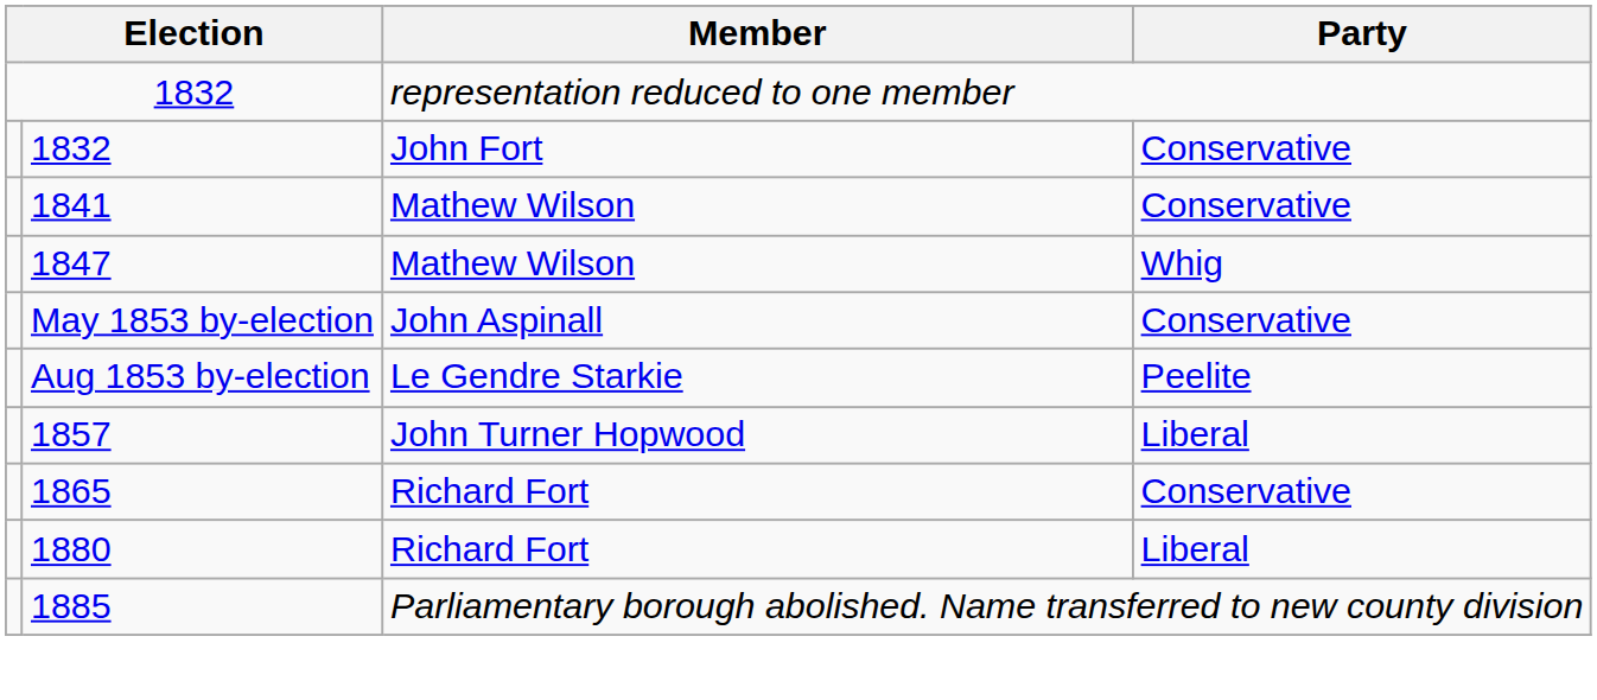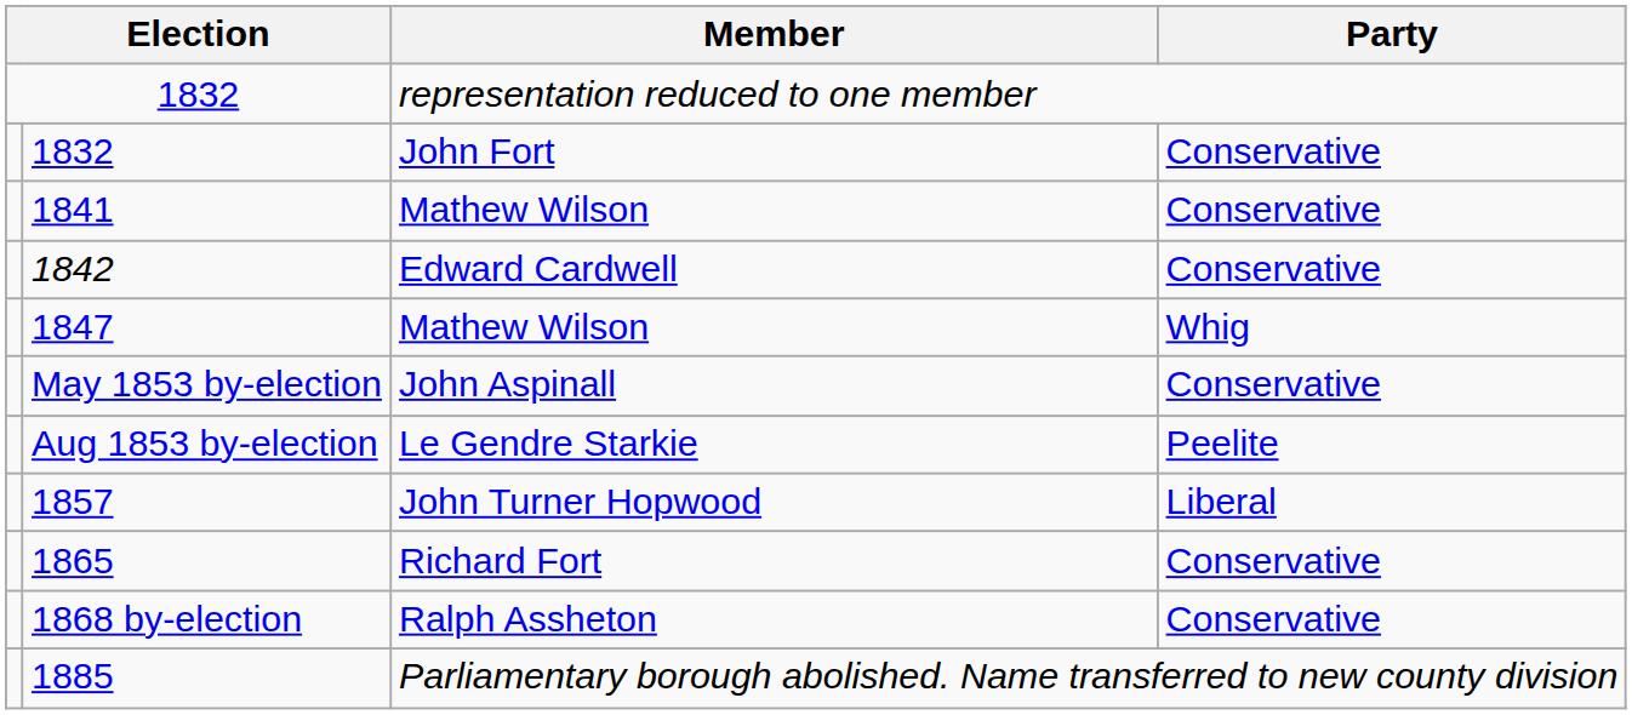 <table class="wikitable">
 <tr>
 <th colspan="2">Election</th>
 <th>Member</th>
 <th>Party</th>
 </tr>
 <tr>
 <td colspan="2" align="center"><a href='#'>1832</a></td>
 <td colspan="2"><em>representation reduced to one member</em></td>
 </tr>
 <tr>
 <td style="color:inherit;background-color: "></td>
 <td><a href='#'>1832</a></td>
 <td><a href='#'>John Fort</a></td>
 <td><a href='#'>Conservative</a></td>
 </tr>
 <tr>
 <td style="color:inherit;background-color: "></td>
 <td><a href='#'>1841</a></td>
 <td><a href='#'>Mathew Wilson</a></td>
+<td><a href='#'>Conservative</a></td>
+</tr>
+<tr>
+<td style="color:inherit;background-color: "></td>
+<td><em>1842</em> </td>
+<td><a href='#'>Edward Cardwell</a></td>
 <td><a href='#'>Conservative</a></td>
 </tr>
 <tr>
 <td style="color:inherit;background-color: "></td>
 <td><a href='#'>1847</a></td>
 <td><a href='#'>Mathew Wilson</a></td>
 <td><a href='#'>Whig</a></td>
 </tr>
 <tr>
 <td style="color:inherit;background-color: "></td>
 <td><a href='#'>May 1853 by-election</a></td>
 <td><a href='#'>John Aspinall</a></td>
 <td><a href='#'>Conservative</a></td>
 </tr>
 <tr>
 <td style="color:inherit;background-color: "></td>
 <td><a href='#'>Aug 1853 by-election</a></td>
 <td><a href='#'>Le Gendre Starkie</a></td>
 <td><a href='#'>Peelite</a></td>
 </tr>
 <tr>
 <td style="color:inherit;background-color: "></td>
 <td><a href='#'>1857</a></td>
 <td><a href='#'>John Turner Hopwood</a></td>
 <td><a href='#'>Liberal</a></td>
 </tr>
 <tr>
 <td style="color:inherit;background-color: "></td>
 <td><a href='#'>1865</a></td>
 <td><a href='#'>Richard Fort</a></td>
 <td><a href='#'>Conservative</a></td>
 </tr>
 <tr>
 <td style="color:inherit;background-color: "></td>
-<td><a href='#'>1880</a></td>
-<td><a href='#'>Richard Fort</a></td>
-<td><a href='#'>Liberal</a></td>
+<td><a href='#'>1868 by-election</a></td>
+<td><a href='#'>Ralph Assheton</a></td>
+<td><a href='#'>Conservative</a></td>
 </tr>
 <tr>
 <td></td>
 <td><a href='#'>1885</a></td>
 <td colspan="2"><em>Parliamentary borough abolished. Name transferred to new county division</em></td>
 </tr>
 </table>
